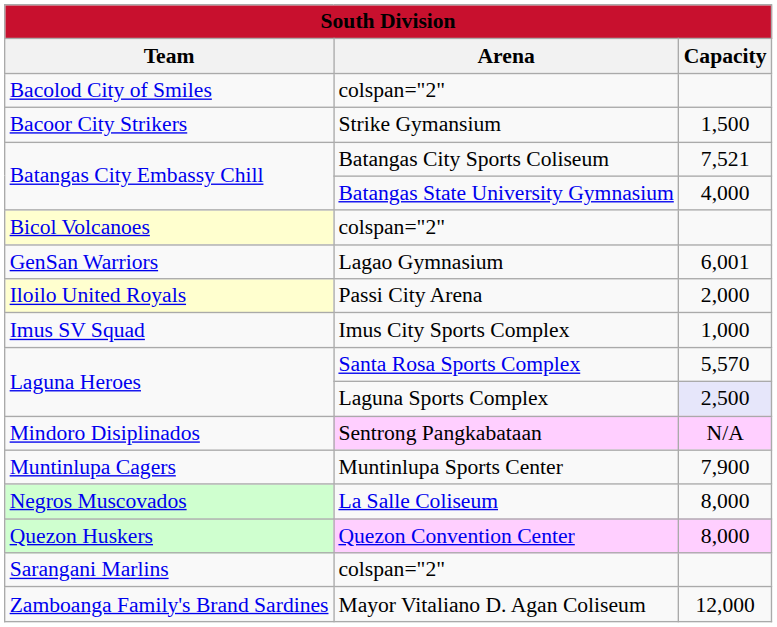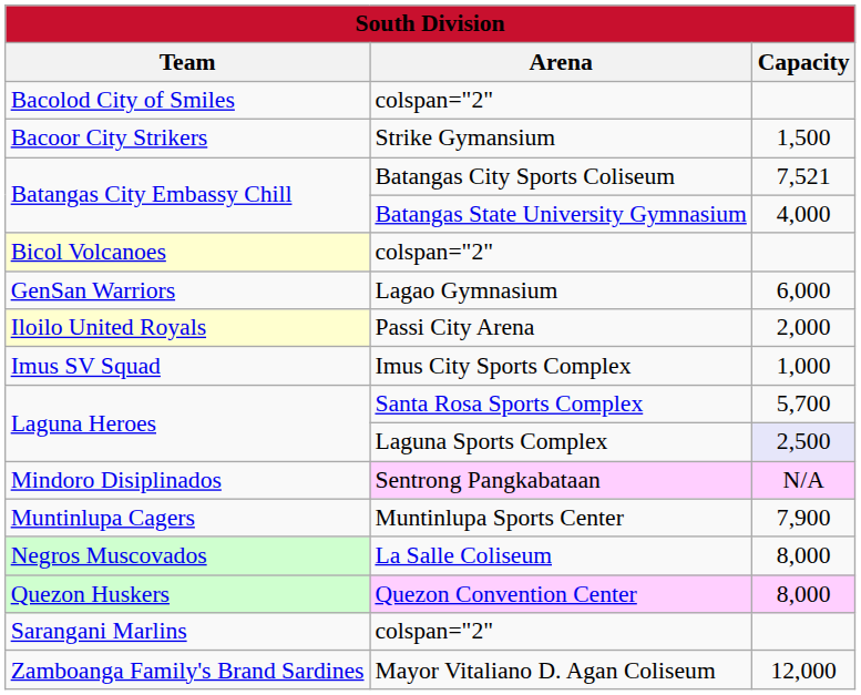 <table class="wikitable">
 <tr>
 <th colspan="3" style="background:#C8102E;"><span>South Division</span></th>
 </tr>
 <tr>
 <th>Team</th>
 <th>Arena</th>
 <th>Capacity</th>
 </tr>
 <tr>
 <td><a href='#'>Bacolod City of Smiles</a></td>
 <td>colspan="2" </td>
 </tr>
 <tr>
 <td><a href='#'>Bacoor City Strikers</a></td>
 <td>Strike Gymansium</td>
 <td align=center>1,500</td>
 </tr>
 <tr>
 <td rowspan="2"><a href='#'>Batangas City Embassy Chill</a></td>
 <td>Batangas City Sports Coliseum</td>
 <td align=center>7,521</td>
 </tr>
 <tr>
 <td><a href='#'>Batangas State University Gymnasium</a></td>
 <td align=center>4,000</td>
 </tr>
 <tr>
 <td style="background:#FFFFCF;"><a href='#'>Bicol Volcanoes</a></td>
 <td>colspan="2" </td>
 </tr>
 <tr>
 <td><a href='#'>GenSan Warriors</a></td>
 <td>Lagao Gymnasium</td>
-<td align=center>6,001</td>
+<td align=center>6,000</td>
 </tr>
 <tr>
 <td style="background:#FFFFCF;"><a href='#'>Iloilo United Royals</a></td>
 <td>Passi City Arena</td>
 <td align=center>2,000</td>
 </tr>
 <tr>
 <td><a href='#'>Imus SV Squad</a></td>
 <td>Imus City Sports Complex</td>
 <td align=center>1,000</td>
 </tr>
 <tr>
 <td rowspan="2"><a href='#'>Laguna Heroes</a></td>
 <td><a href='#'>Santa Rosa Sports Complex</a></td>
-<td align=center>5,570</td>
+<td align=center>5,700</td>
 </tr>
 <tr>
 <td>Laguna Sports Complex</td>
 <td align=center style="background: lavender;">2,500</td>
 </tr>
 <tr>
 <td><a href='#'>Mindoro Disiplinados</a></td>
 <td style="background:#FFCFFF;">Sentrong Pangkabataan</td>
 <td align=center style="background:#FFCFFF;">N/A</td>
 </tr>
 <tr>
 <td><a href='#'>Muntinlupa Cagers</a></td>
 <td>Muntinlupa Sports Center</td>
 <td align=center>7,900</td>
 </tr>
 <tr>
 <td style="background:#CFFFCF;"><a href='#'>Negros Muscovados</a></td>
 <td><a href='#'>La Salle Coliseum</a></td>
 <td align=center>8,000</td>
 </tr>
 <tr>
 <td style="background:#CFFFCF;"><a href='#'>Quezon Huskers</a></td>
 <td style="background:#FFCFFF;"><a href='#'>Quezon Convention Center</a></td>
 <td align=center style="background:#FFCFFF;">8,000</td>
 </tr>
 <tr>
 <td><a href='#'>Sarangani Marlins</a></td>
 <td>colspan="2" </td>
 </tr>
 <tr>
 <td><a href='#'>Zamboanga Family's Brand Sardines</a></td>
 <td>Mayor Vitaliano D. Agan Coliseum</td>
 <td align=center>12,000</td>
 </tr>
 </table>
